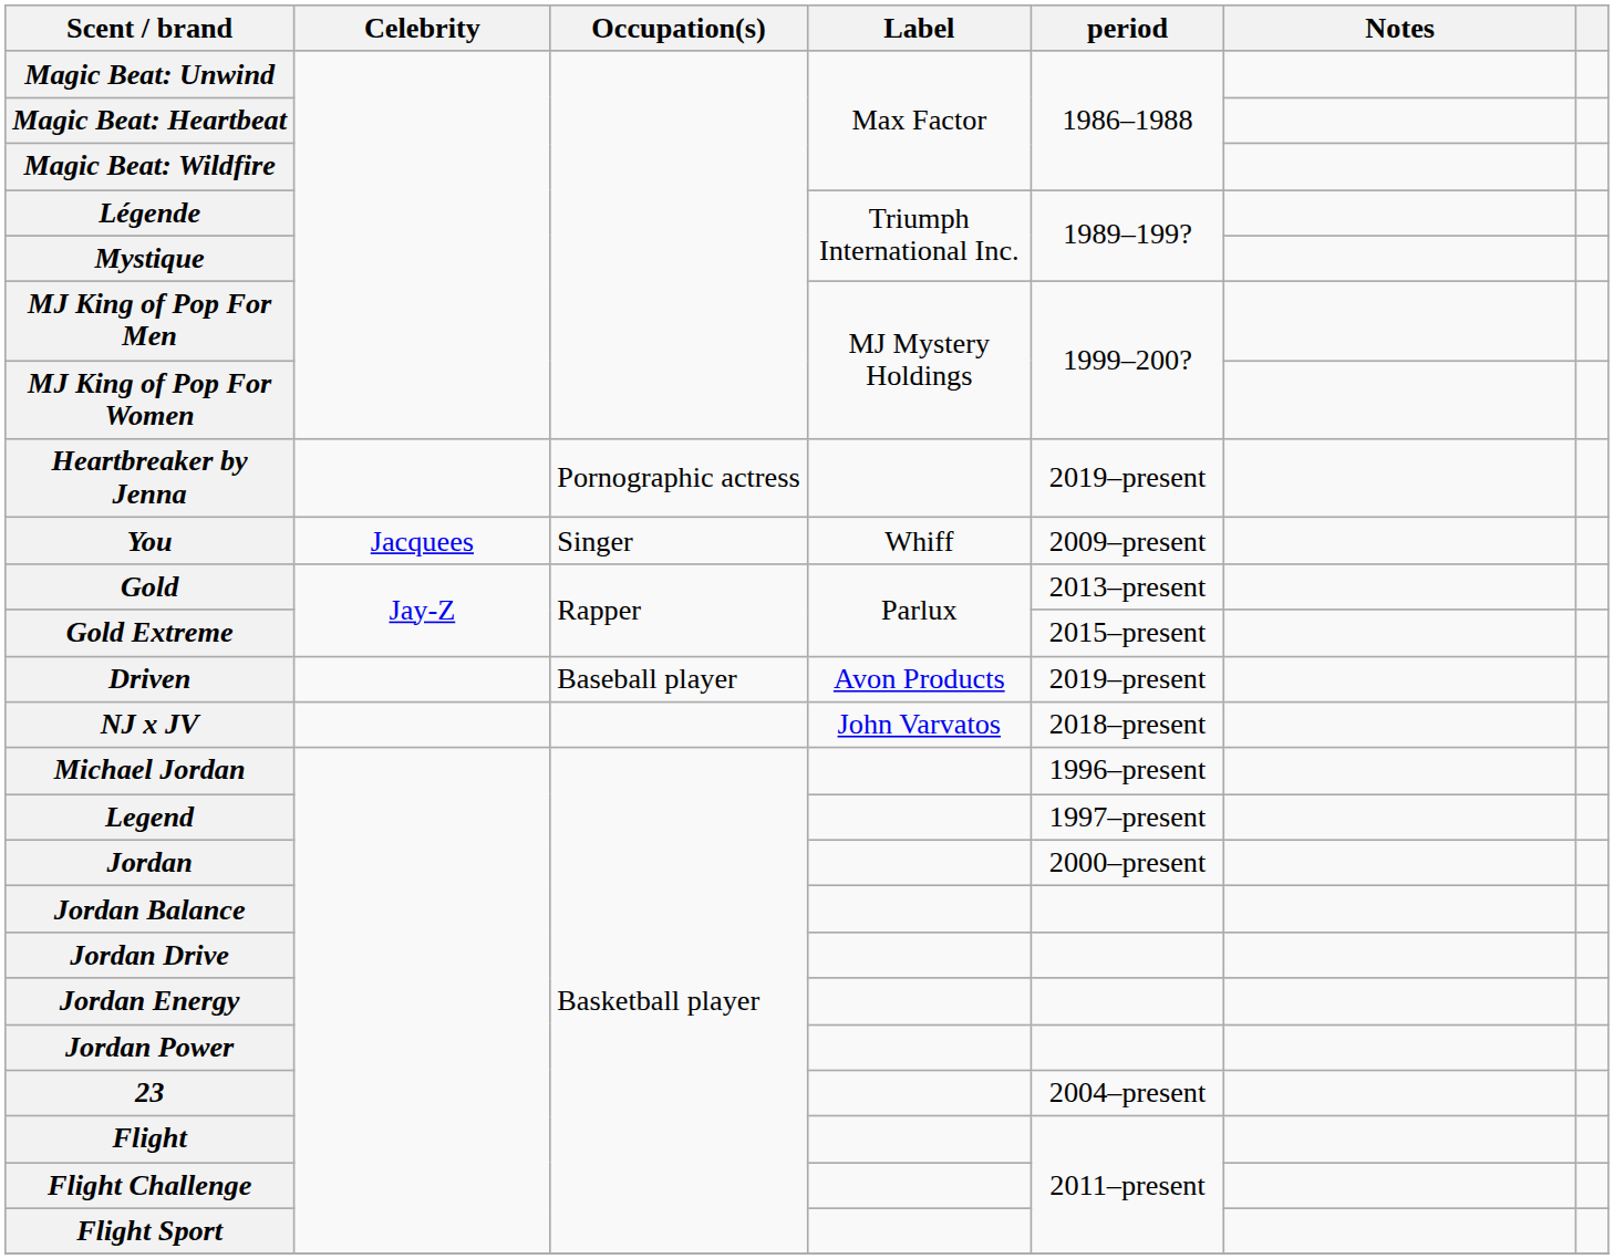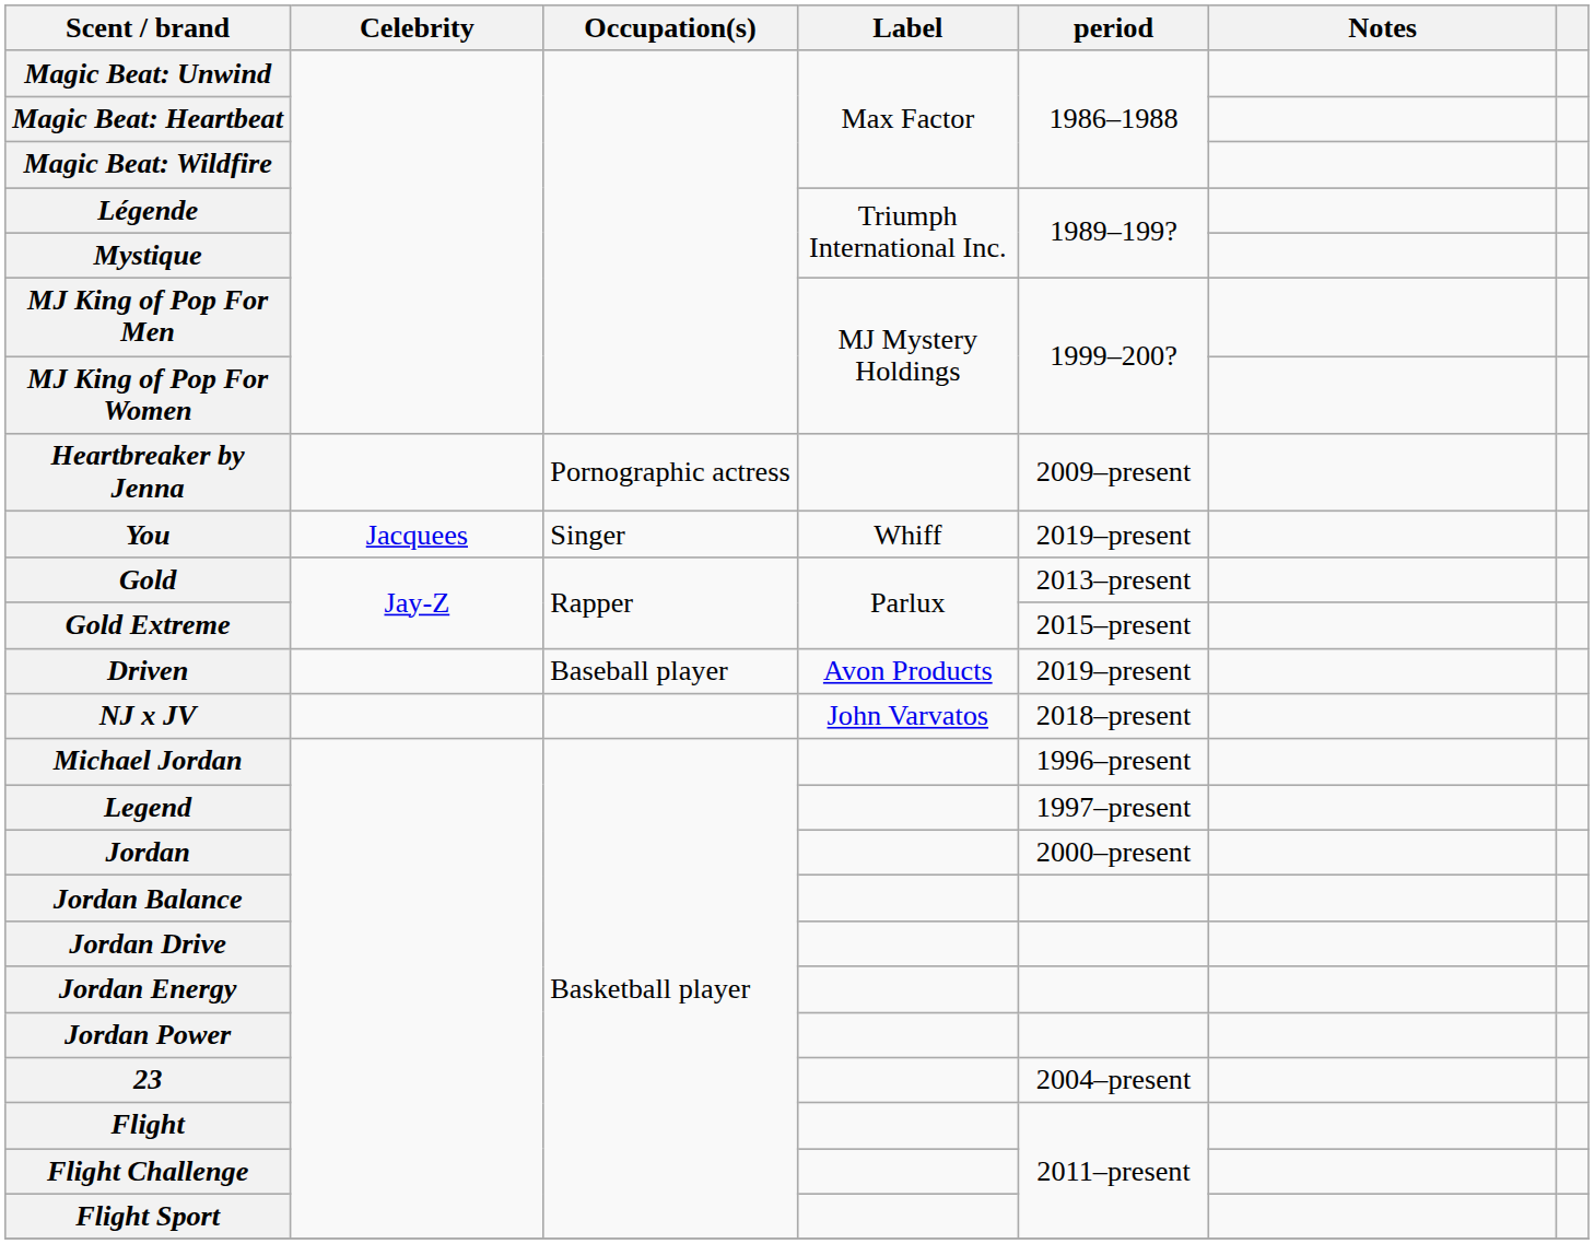 <table class="wikitable sortable plainrowheaders" font-size:95%; style="text-align:center;" width="100%;">
 <tr>
 <th scope="col" width="18%">Scent / brand</th>
 <th scope="col" width:"16%">Celebrity</th>
 <th scope="col" width="16%">Occupation(s)</th>
 <th scope="col" width="14%">Label</th>
 <th scope="col" width="12%"> period</th>
 <th scope="col" width="22%;" class="unsortable">Notes</th>
 <th scope="col" width="2%;" class="unsortable"></th>
 </tr>
 <tr>
 <th scope="row"><em>Magic Beat: Unwind</em></th>
 <td rowspan="7"></td>
 <td rowspan="7"></td>
 <td rowspan="3">Max Factor</td>
 <td rowspan="3">1986–1988</td>
 <td style="text-align:left;"></td>
 <td></td>
 </tr>
 <tr>
 <th scope="row"><em>Magic Beat: Heartbeat</em></th>
 <td style="text-aling:left;"></td>
 <td></td>
 </tr>
 <tr>
 <th scope="row"><em>Magic Beat: Wildfire</em></th>
 <td style="text-aling:left;"></td>
 <td></td>
 </tr>
 <tr>
 <th scope="row"><em>Légende</em></th>
 <td rowspan="2">Triumph International Inc.</td>
 <td rowspan="2">1989–199?</td>
 <td style="text-align:left;"></td>
 <td></td>
 </tr>
 <tr>
 <th scope="row"><em>Mystique</em></th>
 <td style="text-align:left;"></td>
 <td></td>
 </tr>
 <tr>
 <th scope="row"><em>MJ King of Pop For Men</em></th>
 <td rowspan="2">MJ Mystery Holdings</td>
 <td rowspan="2">1999–200?</td>
 <td style="text-align:left;"></td>
 <td></td>
 </tr>
 <tr>
 <th scope="row"><em>MJ King of Pop For Women</em></th>
 <td style="text-align:left;"></td>
 <td></td>
 </tr>
 <tr>
 <th scope="row"><em>Heartbreaker by Jenna</em></th>
 <td></td>
 <td style="text-align:left;">Pornographic actress</td>
 <td></td>
-<td>2019–present</td>
+<td>2009–present</td>
 <td style="text-align:left;"></td>
 <td></td>
 </tr>
 <tr>
 <th scope="row"><em>You</em></th>
 <td><a href='#'>Jacquees</a></td>
 <td style="text-align:left;">Singer</td>
 <td>Whiff</td>
-<td>2009–present</td>
+<td>2019–present</td>
 <td style="text-align:left;"></td>
 <td></td>
 </tr>
 <tr>
 <th scope="row"><em>Gold</em></th>
 <td rowspan="2"><a href='#'>Jay-Z</a></td>
 <td rowspan="2" style="text-align:left;">Rapper</td>
 <td rowspan="2">Parlux</td>
 <td>2013–present</td>
 <td style="text-align:left;"></td>
 <td></td>
 </tr>
 <tr>
 <th scope="row"><em>Gold Extreme</em></th>
 <td>2015–present</td>
 <td style="text-align:left;"></td>
 <td></td>
 </tr>
 <tr>
 <th scope="row"><em>Driven</em></th>
 <td></td>
 <td style="text-align:left;">Baseball player</td>
 <td><a href='#'>Avon Products</a></td>
 <td>2019–present</td>
 <td style="text-align:left;"></td>
 <td></td>
 </tr>
 <tr>
 <th scope="row"><em>NJ x JV</em></th>
 <td></td>
 <td></td>
 <td><a href='#'>John Varvatos</a></td>
 <td>2018–present</td>
 <td style="text-align:left;"></td>
 <td></td>
 </tr>
 <tr>
 <th scope="row"><em>Michael Jordan</em></th>
 <td rowspan="11"></td>
 <td style="text-align:left;" rowspan="11">Basketball player</td>
 <td></td>
 <td>1996–present</td>
 <td style="text-align:left;"></td>
 <td></td>
 </tr>
 <tr>
 <th scope="row"><em>Legend</em></th>
 <td></td>
 <td>1997–present</td>
 <td style="text-align:left;"></td>
 <td></td>
 </tr>
 <tr>
 <th scope="row"><em>Jordan</em></th>
 <td></td>
 <td>2000–present</td>
 <td style="text-align:left;"></td>
 <td></td>
 </tr>
 <tr>
 <th scope="row"><em>Jordan Balance</em></th>
 <td></td>
 <td></td>
 <td style="text-align:left;"></td>
 <td></td>
 </tr>
 <tr>
 <th scope="row"><em>Jordan Drive</em></th>
 <td></td>
 <td></td>
 <td style="text-align:left;"></td>
 <td></td>
 </tr>
 <tr>
 <th scope="row"><em>Jordan Energy</em></th>
 <td></td>
 <td></td>
 <td style="text-align:left;"></td>
 <td></td>
 </tr>
 <tr>
 <th scope="row"><em>Jordan Power</em></th>
 <td></td>
 <td></td>
 <td style="text-align:left;"></td>
 <td></td>
 </tr>
 <tr>
 <th scope="row"><em>23</em></th>
 <td></td>
 <td>2004–present</td>
 <td style="text-align:left;"></td>
 <td></td>
 </tr>
 <tr>
 <th scope="row"><em>Flight</em></th>
 <td></td>
 <td rowspan="3">2011–present</td>
 <td style="text-align:left;"></td>
 <td></td>
 </tr>
 <tr>
 <th scope="row"><em>Flight Challenge</em></th>
 <td></td>
 <td style="text-align:left;"></td>
 <td></td>
 </tr>
 <tr>
 <th scope="row"><em>Flight Sport</em></th>
 <td></td>
 <td style="text-align:left;"></td>
 <td></td>
 </tr>
 <tr>
 </tr>
 </table>
